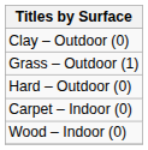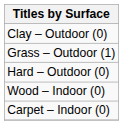 <table class="wikitable" style="display:inline-table;">
 <tr>
 <th>Titles by Surface</th>
 </tr>
 <tr>
 <td>Clay – Outdoor (0)</td>
 </tr>
 <tr>
 <td>Grass – Outdoor (1)</td>
 </tr>
 <tr>
 <td>Hard – Outdoor (0)</td>
 </tr>
 <tr>
-<td>Carpet – Indoor (0)</td>
+<td>Wood – Indoor (0)</td>
 </tr>
 <tr>
-<td>Wood – Indoor (0)</td>
+<td>Carpet – Indoor (0)</td>
 </tr>
 <tr>
 </tr>
 </table>
